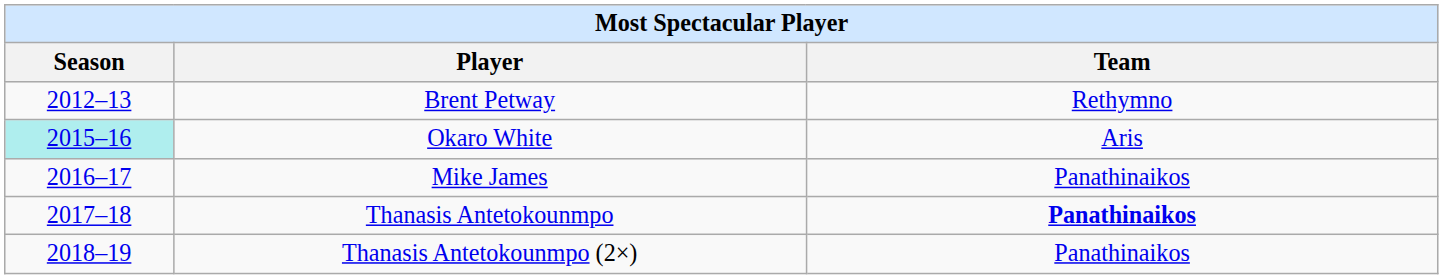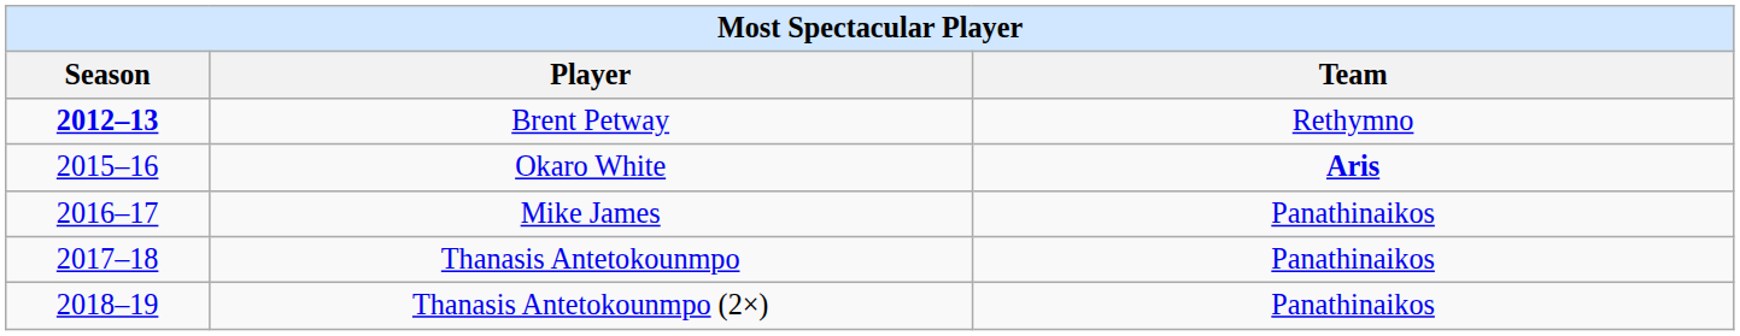 <table class="wikitable" style="text-align: center; width: 60%;">
 <tr>
 <td colspan=4 bgcolor="#D0E7FF"><strong>Most Spectacular Player</strong></td>
 </tr>
 <tr>
 <th width=5%>Season</th>
 <th width=20%>Player</th>
 <th width=20%>Team</th>
 </tr>
 <tr>
-<td><a href='#'>2012–13</a></td>
+<td><strong><a href='#'>2012–13</a></strong></td>
 <td> <a href='#'>Brent Petway</a></td>
 <td><a href='#'>Rethymno</a></td>
 </tr>
 <tr>
-<td style="background: paleturquoise;"><a href='#'>2015–16</a></td>
+<td><a href='#'>2015–16</a></td>
 <td> <a href='#'>Okaro White</a></td>
-<td><a href='#'>Aris</a></td>
+<td><strong><a href='#'>Aris</a></strong></td>
 </tr>
 <tr>
 <td><a href='#'>2016–17</a></td>
 <td> <a href='#'>Mike James</a></td>
 <td><a href='#'>Panathinaikos</a></td>
 </tr>
 <tr>
 <td><a href='#'>2017–18</a></td>
 <td> <a href='#'>Thanasis Antetokounmpo</a></td>
-<td><strong><a href='#'>Panathinaikos</a></strong></td>
+<td><a href='#'>Panathinaikos</a></td>
 </tr>
 <tr>
 <td><a href='#'>2018–19</a></td>
 <td> <a href='#'>Thanasis Antetokounmpo</a> (2×)</td>
 <td><a href='#'>Panathinaikos</a></td>
 </tr>
 </table>
